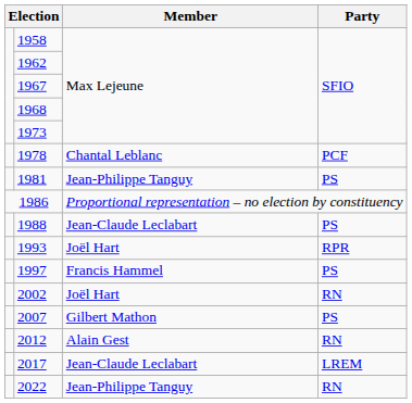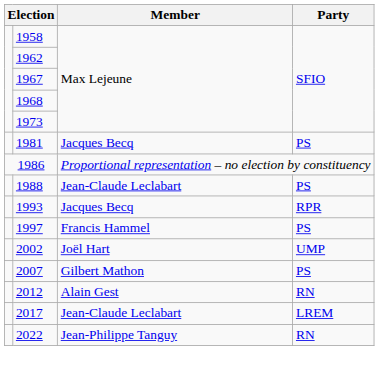 <table class="wikitable">
 <tr>
 <th colspan="2">Election</th>
 <th>Member</th>
 <th>Party</th>
 </tr>
 <tr>
 <td rowspan="5" style="background-color: "></td>
 <td><a href='#'>1958</a></td>
 <td rowspan="5">Max Lejeune</td>
 <td rowspan="5"><a href='#'>SFIO</a></td>
 </tr>
 <tr>
 <td><a href='#'>1962</a></td>
 </tr>
 <tr>
 <td><a href='#'>1967</a></td>
 </tr>
 <tr>
 <td><a href='#'>1968</a></td>
 </tr>
 <tr>
 <td><a href='#'>1973</a></td>
 </tr>
 <tr>
 <td style="color:inherit;background-color: "></td>
-<td><a href='#'>1978</a></td>
-<td><a href='#'>Chantal Leblanc</a></td>
-<td><a href='#'>PCF</a></td>
-</tr>
-<tr>
-<td style="color:inherit;background-color: "></td>
 <td><a href='#'>1981</a></td>
-<td><a href='#'>Jean-Philippe Tanguy</a></td>
+<td><a href='#'>Jacques Becq</a></td>
 <td><a href='#'>PS</a></td>
 </tr>
 <tr>
 <td colspan="2" align="center"><a href='#'>1986</a></td>
 <td colspan="2"><em><a href='#'>Proportional representation</a> – no election by constituency</em></td>
 </tr>
 <tr>
 <td style="color:inherit;background-color: "></td>
 <td><a href='#'>1988</a></td>
 <td><a href='#'>Jean-Claude Leclabart</a></td>
 <td><a href='#'>PS</a></td>
 </tr>
 <tr>
 <td style="color:inherit;background-color: "></td>
 <td><a href='#'>1993</a></td>
-<td><a href='#'>Joël Hart</a></td>
+<td><a href='#'>Jacques Becq</a></td>
 <td><a href='#'>RPR</a></td>
 </tr>
 <tr>
 <td style="color:inherit;background-color: "></td>
 <td><a href='#'>1997</a></td>
 <td><a href='#'>Francis Hammel</a></td>
 <td><a href='#'>PS</a></td>
 </tr>
 <tr>
 <td style="color:inherit;background-color: "></td>
 <td><a href='#'>2002</a></td>
 <td><a href='#'>Joël Hart</a></td>
-<td><a href='#'>RN</a></td>
+<td><a href='#'>UMP</a></td>
 </tr>
 <tr>
 <td style="color:inherit;background-color: "></td>
 <td><a href='#'>2007</a></td>
 <td><a href='#'>Gilbert Mathon</a></td>
 <td><a href='#'>PS</a></td>
 </tr>
 <tr>
 <td style="color:inherit;background-color: "></td>
 <td><a href='#'>2012</a></td>
 <td><a href='#'>Alain Gest</a></td>
 <td><a href='#'>RN</a></td>
 </tr>
 <tr>
 <td style="color:inherit;background:"></td>
 <td><a href='#'>2017</a></td>
 <td><a href='#'>Jean-Claude Leclabart</a></td>
 <td><a href='#'>LREM</a></td>
 </tr>
 <tr>
 <td style="color:inherit;background:"></td>
 <td><a href='#'>2022</a></td>
 <td><a href='#'>Jean-Philippe Tanguy</a></td>
 <td><a href='#'>RN</a></td>
 </tr>
 </table>
